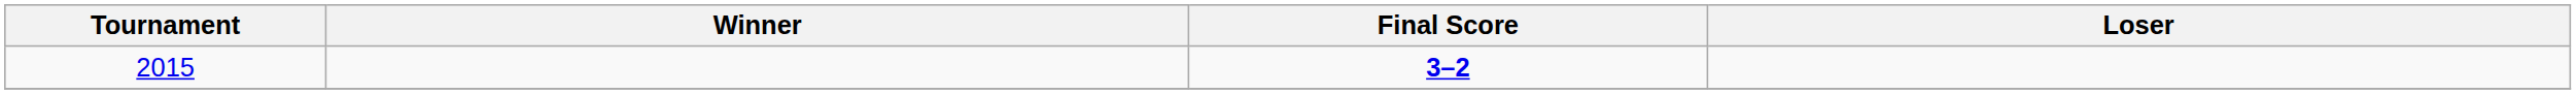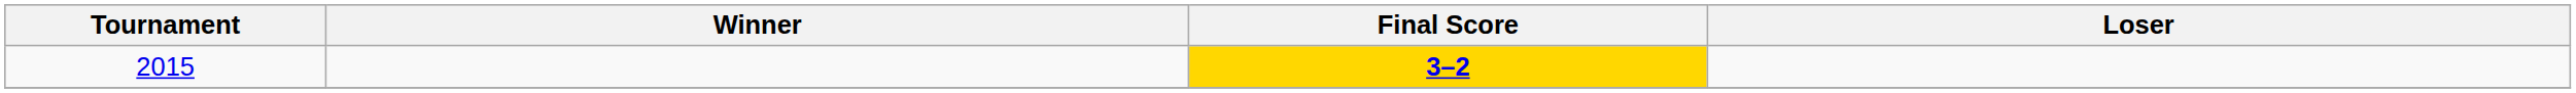 <table class="wikitable" style="font-size:100%; text-align: center;">
 <tr>
 <th style="width:5%;">Tournament</th>
 <th width=15%>Winner</th>
 <th width=9%>Final Score</th>
 <th width=15%>Loser</th>
 </tr>
 <tr>
 <td><a href='#'>2015</a></td>
 <td><strong></strong></td>
-<td><strong><a href='#'>3–2</a> </strong></td>
+<td style="background: gold;"><strong><a href='#'>3–2</a> </strong></td>
 <td></td>
 </tr>
 <tr>
 </tr>
 </table>
